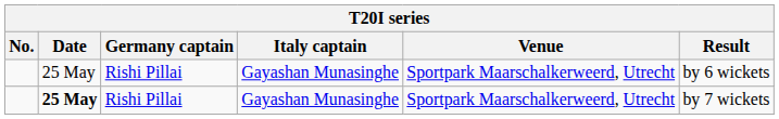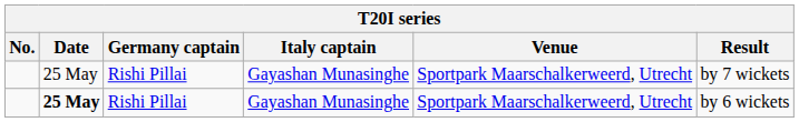 <table class="wikitable">
 <tr>
 <th colspan="8">T20I series</th>
 </tr>
 <tr>
 <th>No.</th>
 <th>Date</th>
 <th>Germany captain</th>
 <th>Italy captain</th>
 <th>Venue</th>
 <th>Result</th>
 </tr>
 <tr>
 <td></td>
 <td>25 May</td>
 <td><a href='#'>Rishi Pillai</a></td>
 <td><a href='#'>Gayashan Munasinghe</a></td>
 <td><a href='#'>Sportpark Maarschalkerweerd</a>, <a href='#'>Utrecht</a></td>
-<td> by 6 wickets</td>
+<td> by 7 wickets</td>
 </tr>
 <tr>
 <td></td>
 <td><strong>25 May</strong></td>
 <td><a href='#'>Rishi Pillai</a></td>
 <td><a href='#'>Gayashan Munasinghe</a></td>
 <td><a href='#'>Sportpark Maarschalkerweerd</a>, <a href='#'>Utrecht</a></td>
-<td> by 7 wickets</td>
+<td> by 6 wickets</td>
 </tr>
 </table>
